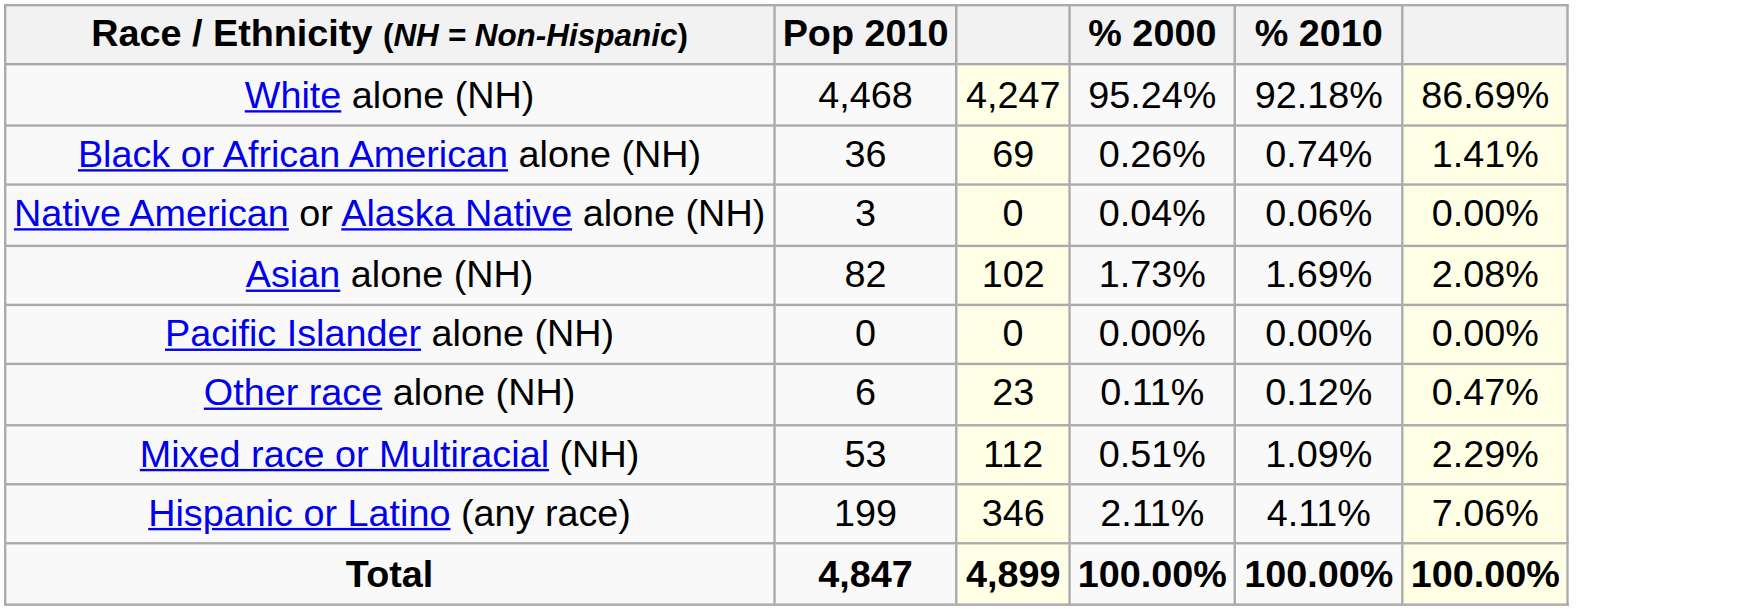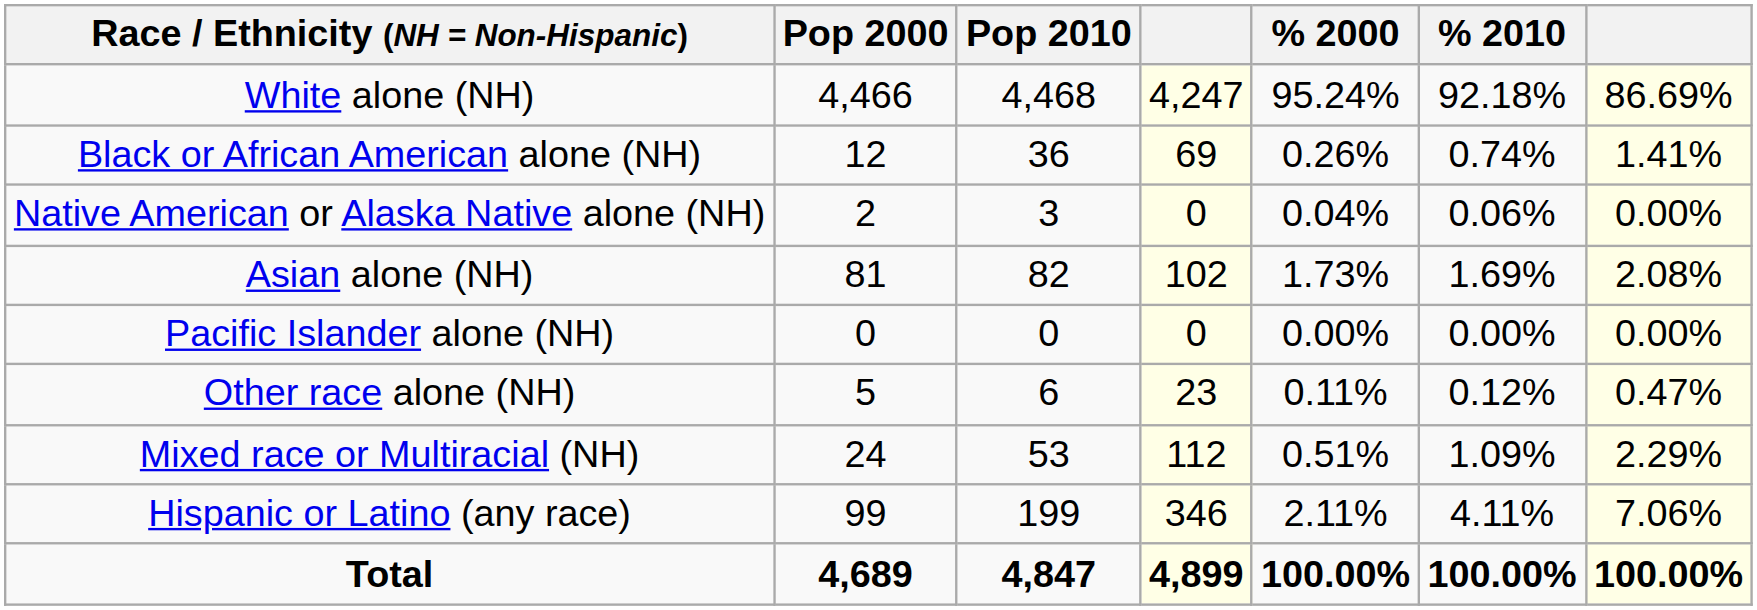 <table class="wikitable" style="text-align:center;">
 <tr>
 <th>Race / Ethnicity <small>(<em>NH = Non-Hispanic</em>)</small></th>
+<th>Pop 2000</th>
 <th>Pop 2010</th>
 <th></th>
 <th>% 2000</th>
 <th>% 2010</th>
 <th></th>
 </tr>
 <tr>
 <td><a href='#'>White</a> alone (NH)</td>
+<td>4,466</td>
 <td>4,468</td>
 <td style='background: #ffffe6;'>4,247</td>
 <td>95.24%</td>
 <td>92.18%</td>
 <td style='background: #ffffe6;'>86.69%</td>
 </tr>
 <tr>
 <td><a href='#'>Black or African American</a> alone (NH)</td>
+<td>12</td>
 <td>36</td>
 <td style='background: #ffffe6;'>69</td>
 <td>0.26%</td>
 <td>0.74%</td>
 <td style='background: #ffffe6;'>1.41%</td>
 </tr>
 <tr>
 <td><a href='#'>Native American</a> or <a href='#'>Alaska Native</a> alone (NH)</td>
+<td>2</td>
 <td>3</td>
 <td style='background: #ffffe6;'>0</td>
 <td>0.04%</td>
 <td>0.06%</td>
 <td style='background: #ffffe6;'>0.00%</td>
 </tr>
 <tr>
 <td><a href='#'>Asian</a> alone (NH)</td>
+<td>81</td>
 <td>82</td>
 <td style='background: #ffffe6;'>102</td>
 <td>1.73%</td>
 <td>1.69%</td>
 <td style='background: #ffffe6;'>2.08%</td>
 </tr>
 <tr>
 <td><a href='#'>Pacific Islander</a> alone (NH)</td>
 <td>0</td>
+<td>0</td>
 <td style='background: #ffffe6;'>0</td>
 <td>0.00%</td>
 <td>0.00%</td>
 <td style='background: #ffffe6;'>0.00%</td>
 </tr>
 <tr>
 <td><a href='#'>Other race</a> alone (NH)</td>
+<td>5</td>
 <td>6</td>
 <td style='background: #ffffe6;'>23</td>
 <td>0.11%</td>
 <td>0.12%</td>
 <td style='background: #ffffe6;'>0.47%</td>
 </tr>
 <tr>
 <td><a href='#'>Mixed race or Multiracial</a> (NH)</td>
+<td>24</td>
 <td>53</td>
 <td style='background: #ffffe6;'>112</td>
 <td>0.51%</td>
 <td>1.09%</td>
 <td style='background: #ffffe6;'>2.29%</td>
 </tr>
 <tr>
 <td><a href='#'>Hispanic or Latino</a> (any race)</td>
+<td>99</td>
 <td>199</td>
 <td style='background: #ffffe6;'>346</td>
 <td>2.11%</td>
 <td>4.11%</td>
 <td style='background: #ffffe6;'>7.06%</td>
 </tr>
 <tr>
 <td><strong>Total</strong></td>
+<td><strong>4,689</strong></td>
 <td><strong>4,847</strong></td>
 <td style='background: #ffffe6;'><strong>4,899</strong></td>
 <td><strong>100.00%</strong></td>
 <td><strong>100.00%</strong></td>
 <td style='background: #ffffe6;'><strong>100.00%</strong></td>
 </tr>
 </table>
